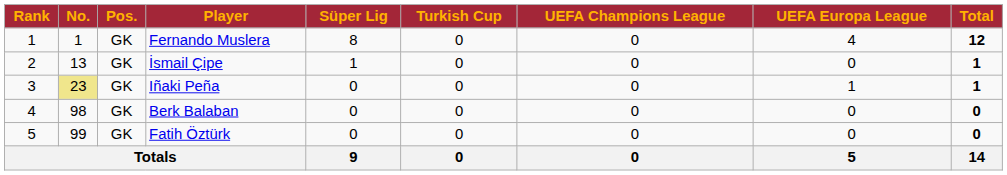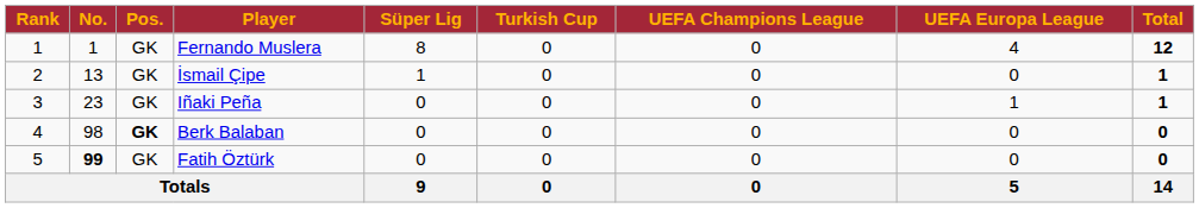 <table class="wikitable sortable" style="text-align:center;width:85%;">
 <tr>
 <th style=background-color:#A32638;color:#FFB300>Rank</th>
 <th style=background-color:#A32638;color:#FFB300>No.</th>
 <th style=background-color:#A32638;color:#FFB300>Pos.</th>
 <th style=background-color:#A32638;color:#FFB300>Player</th>
 <th style=background-color:#A32638;color:#FFB300>Süper Lig</th>
 <th style=background-color:#A32638;color:#FFB300>Turkish Cup</th>
 <th style=background-color:#A32638;color:#FFB300>UEFA Champions League</th>
 <th style=background-color:#A32638;color:#FFB300>UEFA Europa League</th>
 <th style=background-color:#A32638;color:#FFB300>Total</th>
 </tr>
 <tr>
 <td>1</td>
 <td>1</td>
 <td>GK</td>
 <td align=left> <a href='#'>Fernando Muslera</a></td>
 <td>8</td>
 <td>0</td>
 <td>0</td>
 <td>4</td>
 <td><strong>12</strong></td>
 </tr>
 <tr>
 <td>2</td>
 <td>13</td>
 <td>GK</td>
 <td align=left> <a href='#'>İsmail Çipe</a></td>
 <td>1</td>
 <td>0</td>
 <td>0</td>
 <td>0</td>
 <td><strong>1</strong></td>
 </tr>
 <tr>
 <td>3</td>
-<td style="background: khaki;">23</td>
+<td>23</td>
 <td>GK</td>
 <td align=left> <a href='#'>Iñaki Peña</a></td>
 <td>0</td>
 <td>0</td>
 <td>0</td>
 <td>1</td>
 <td><strong>1</strong></td>
 </tr>
 <tr>
 <td>4</td>
 <td>98</td>
-<td>GK</td>
+<td><strong>GK</strong></td>
 <td align=left> <a href='#'>Berk Balaban</a></td>
 <td>0</td>
 <td>0</td>
 <td>0</td>
 <td>0</td>
 <td><strong>0</strong></td>
 </tr>
 <tr>
 <td>5</td>
-<td>99</td>
+<td><strong>99</strong></td>
 <td>GK</td>
 <td align=left> <a href='#'>Fatih Öztürk</a></td>
 <td>0</td>
 <td>0</td>
 <td>0</td>
 <td>0</td>
 <td><strong>0</strong></td>
 </tr>
 <tr>
 <th colspan=4>Totals</th>
 <th>9</th>
 <th>0</th>
 <th>0</th>
 <th>5</th>
 <th>14</th>
 </tr>
 </table>
